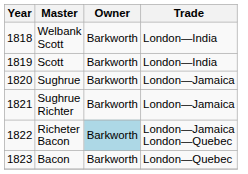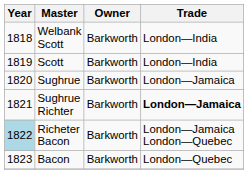 <table class="sortable wikitable">
 <tr>
 <th>Year</th>
 <th>Master</th>
 <th>Owner</th>
 <th>Trade</th>
 </tr>
 <tr>
 <td>1818</td>
 <td>Welbank<br>Scott</td>
 <td>Barkworth</td>
 <td>London—India</td>
 </tr>
 <tr>
 <td>1819</td>
 <td>Scott</td>
 <td>Barkworth</td>
 <td>London—India</td>
 </tr>
 <tr>
 <td>1820</td>
 <td>Sughrue</td>
 <td>Barkworth</td>
 <td>London—Jamaica</td>
 </tr>
 <tr>
 <td>1821</td>
 <td>Sughrue<br>Richter</td>
 <td>Barkworth</td>
-<td>London—Jamaica</td>
+<td><strong>London—Jamaica</strong></td>
 </tr>
 <tr>
-<td>1822</td>
+<td style="background: lightblue;">1822</td>
 <td>Richeter<br>Bacon</td>
-<td style="background: lightblue;">Barkworth</td>
+<td>Barkworth</td>
 <td>London—Jamaica<br>London—Quebec</td>
 </tr>
 <tr>
 <td>1823</td>
 <td>Bacon</td>
 <td>Barkworth</td>
 <td>London—Quebec</td>
 </tr>
 <tr>
 </tr>
 </table>
